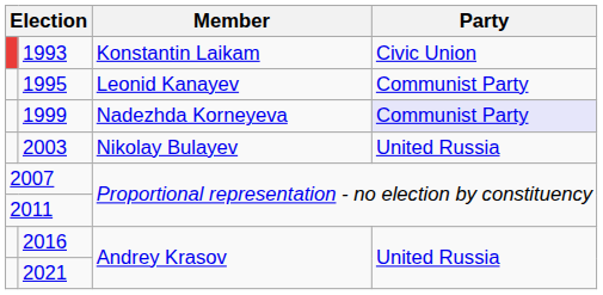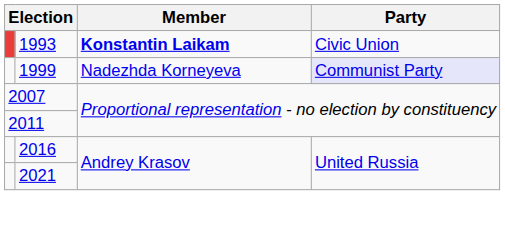 <table class="wikitable">
 <tr>
 <th colspan="2">Election</th>
 <th>Member</th>
 <th>Party</th>
 </tr>
 <tr>
 <td style="background-color:#EA3C38"></td>
 <td><a href='#'>1993</a></td>
-<td><a href='#'>Konstantin Laikam</a></td>
+<td><strong><a href='#'>Konstantin Laikam</a></strong></td>
 <td><a href='#'>Civic Union</a></td>
-</tr>
-<tr>
-<td style="background-color:"></td>
-<td><a href='#'>1995</a></td>
-<td><a href='#'>Leonid Kanayev</a></td>
-<td><a href='#'>Communist Party</a></td>
 </tr>
 <tr>
 <td style="background-color:"></td>
 <td><a href='#'>1999</a></td>
 <td><a href='#'>Nadezhda Korneyeva</a></td>
 <td style="background: lavender;"><a href='#'>Communist Party</a></td>
-</tr>
-<tr>
-<td style="background-color:"></td>
-<td><a href='#'>2003</a></td>
-<td><a href='#'>Nikolay Bulayev</a></td>
-<td><a href='#'>United Russia</a></td>
 </tr>
 <tr>
 <td colspan=2><a href='#'>2007</a></td>
 <td colspan=2 rowspan=2><em><a href='#'>Proportional representation</a> - no election by constituency</em></td>
 </tr>
 <tr>
 <td colspan=2><a href='#'>2011</a></td>
 </tr>
 <tr>
 <td style="background-color: "></td>
 <td><a href='#'>2016</a></td>
 <td rowspan=2><a href='#'>Andrey Krasov</a></td>
 <td rowspan=2><a href='#'>United Russia</a></td>
 </tr>
 <tr>
 <td style="background-color: "></td>
 <td><a href='#'>2021</a></td>
 </tr>
 </table>
